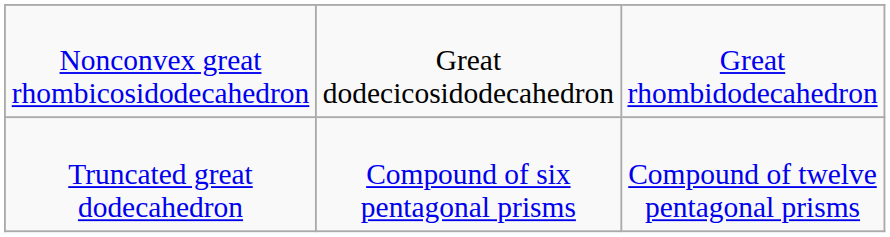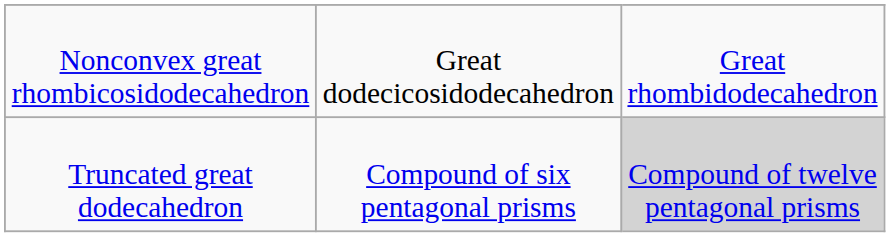 <table class="wikitable" width="400" style="vertical-align:top;text-align:center">
 <tr>
 <td><br><a href='#'>Nonconvex great rhombicosidodecahedron</a></td>
 <td><br>Great dodecicosidodecahedron</td>
 <td><br><a href='#'>Great rhombidodecahedron</a></td>
 </tr>
 <tr>
 <td><br><a href='#'>Truncated great dodecahedron</a></td>
 <td><br><a href='#'>Compound of six pentagonal prisms</a></td>
-<td><br><a href='#'>Compound of twelve pentagonal prisms</a></td>
+<td style="background: lightgrey;"><br><a href='#'>Compound of twelve pentagonal prisms</a></td>
 </tr>
 </table>
